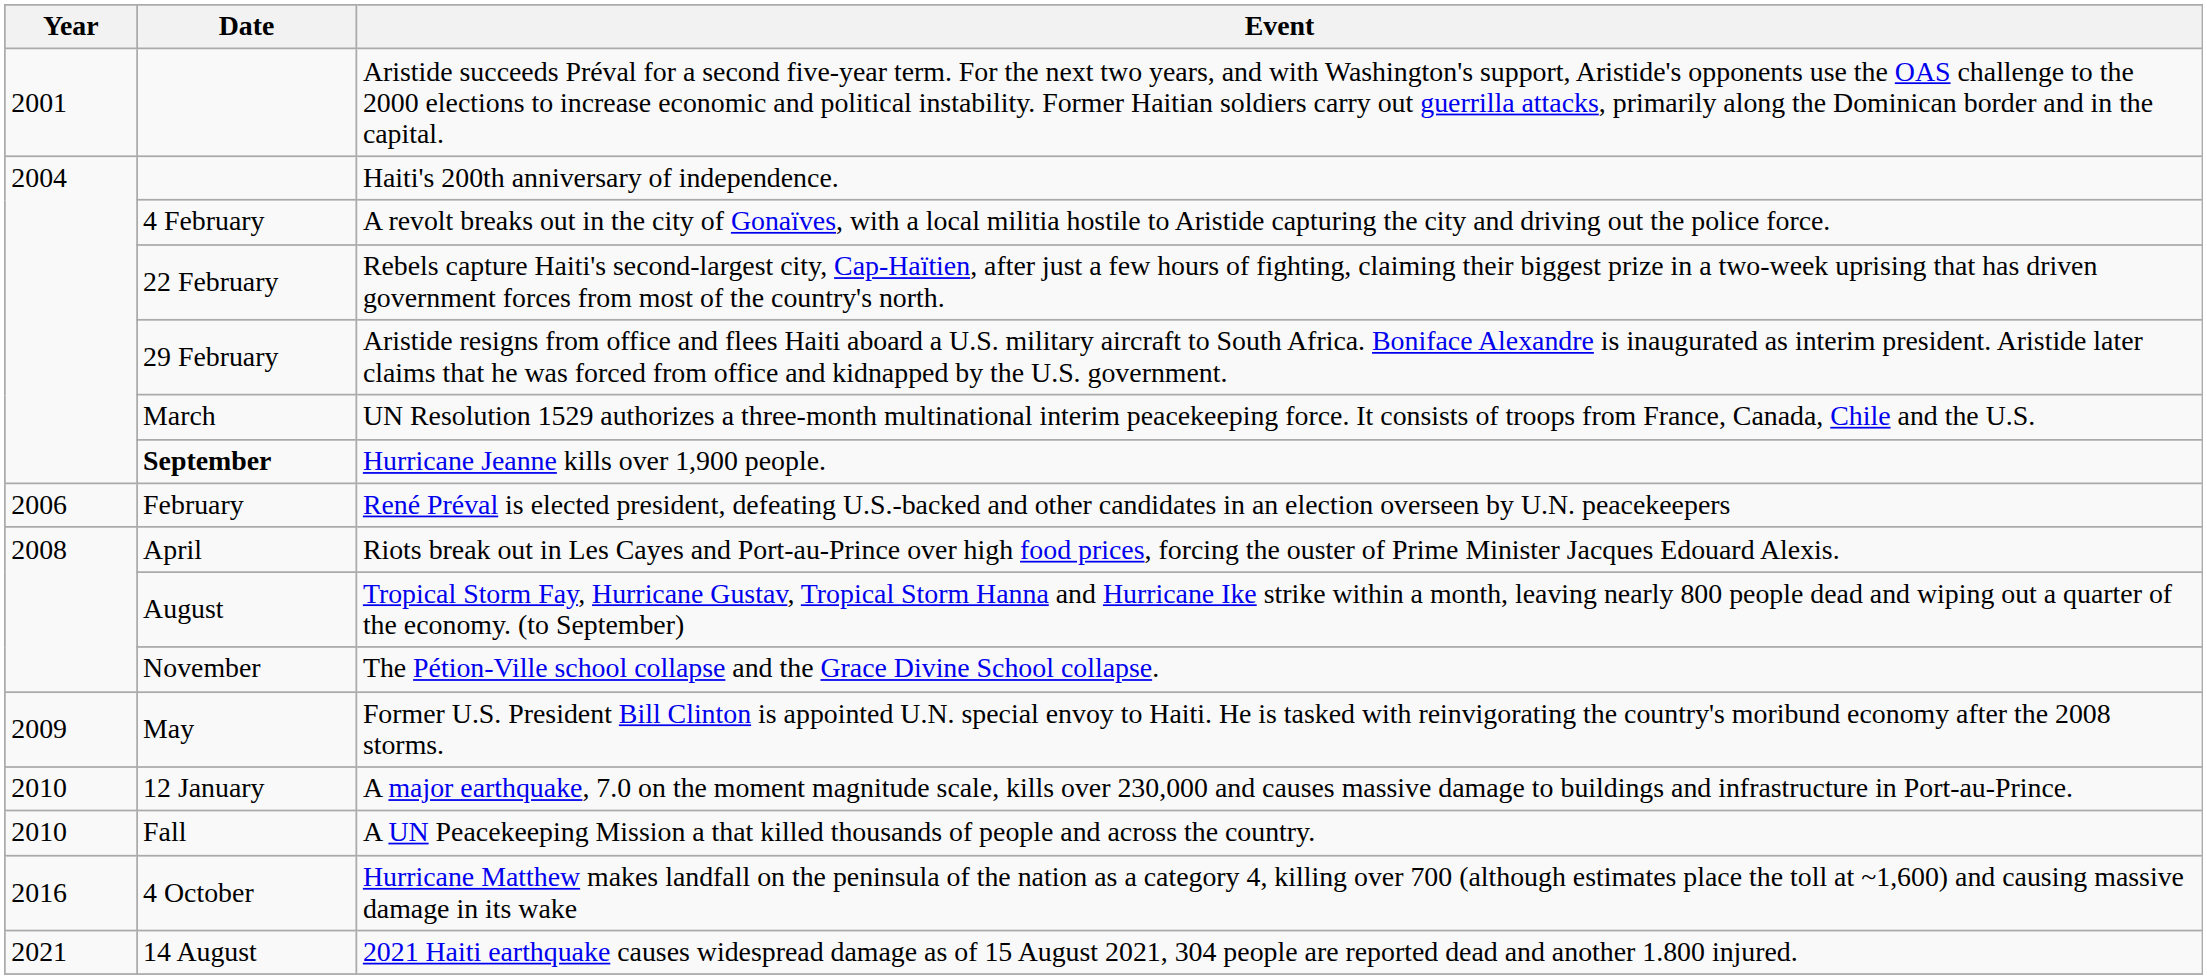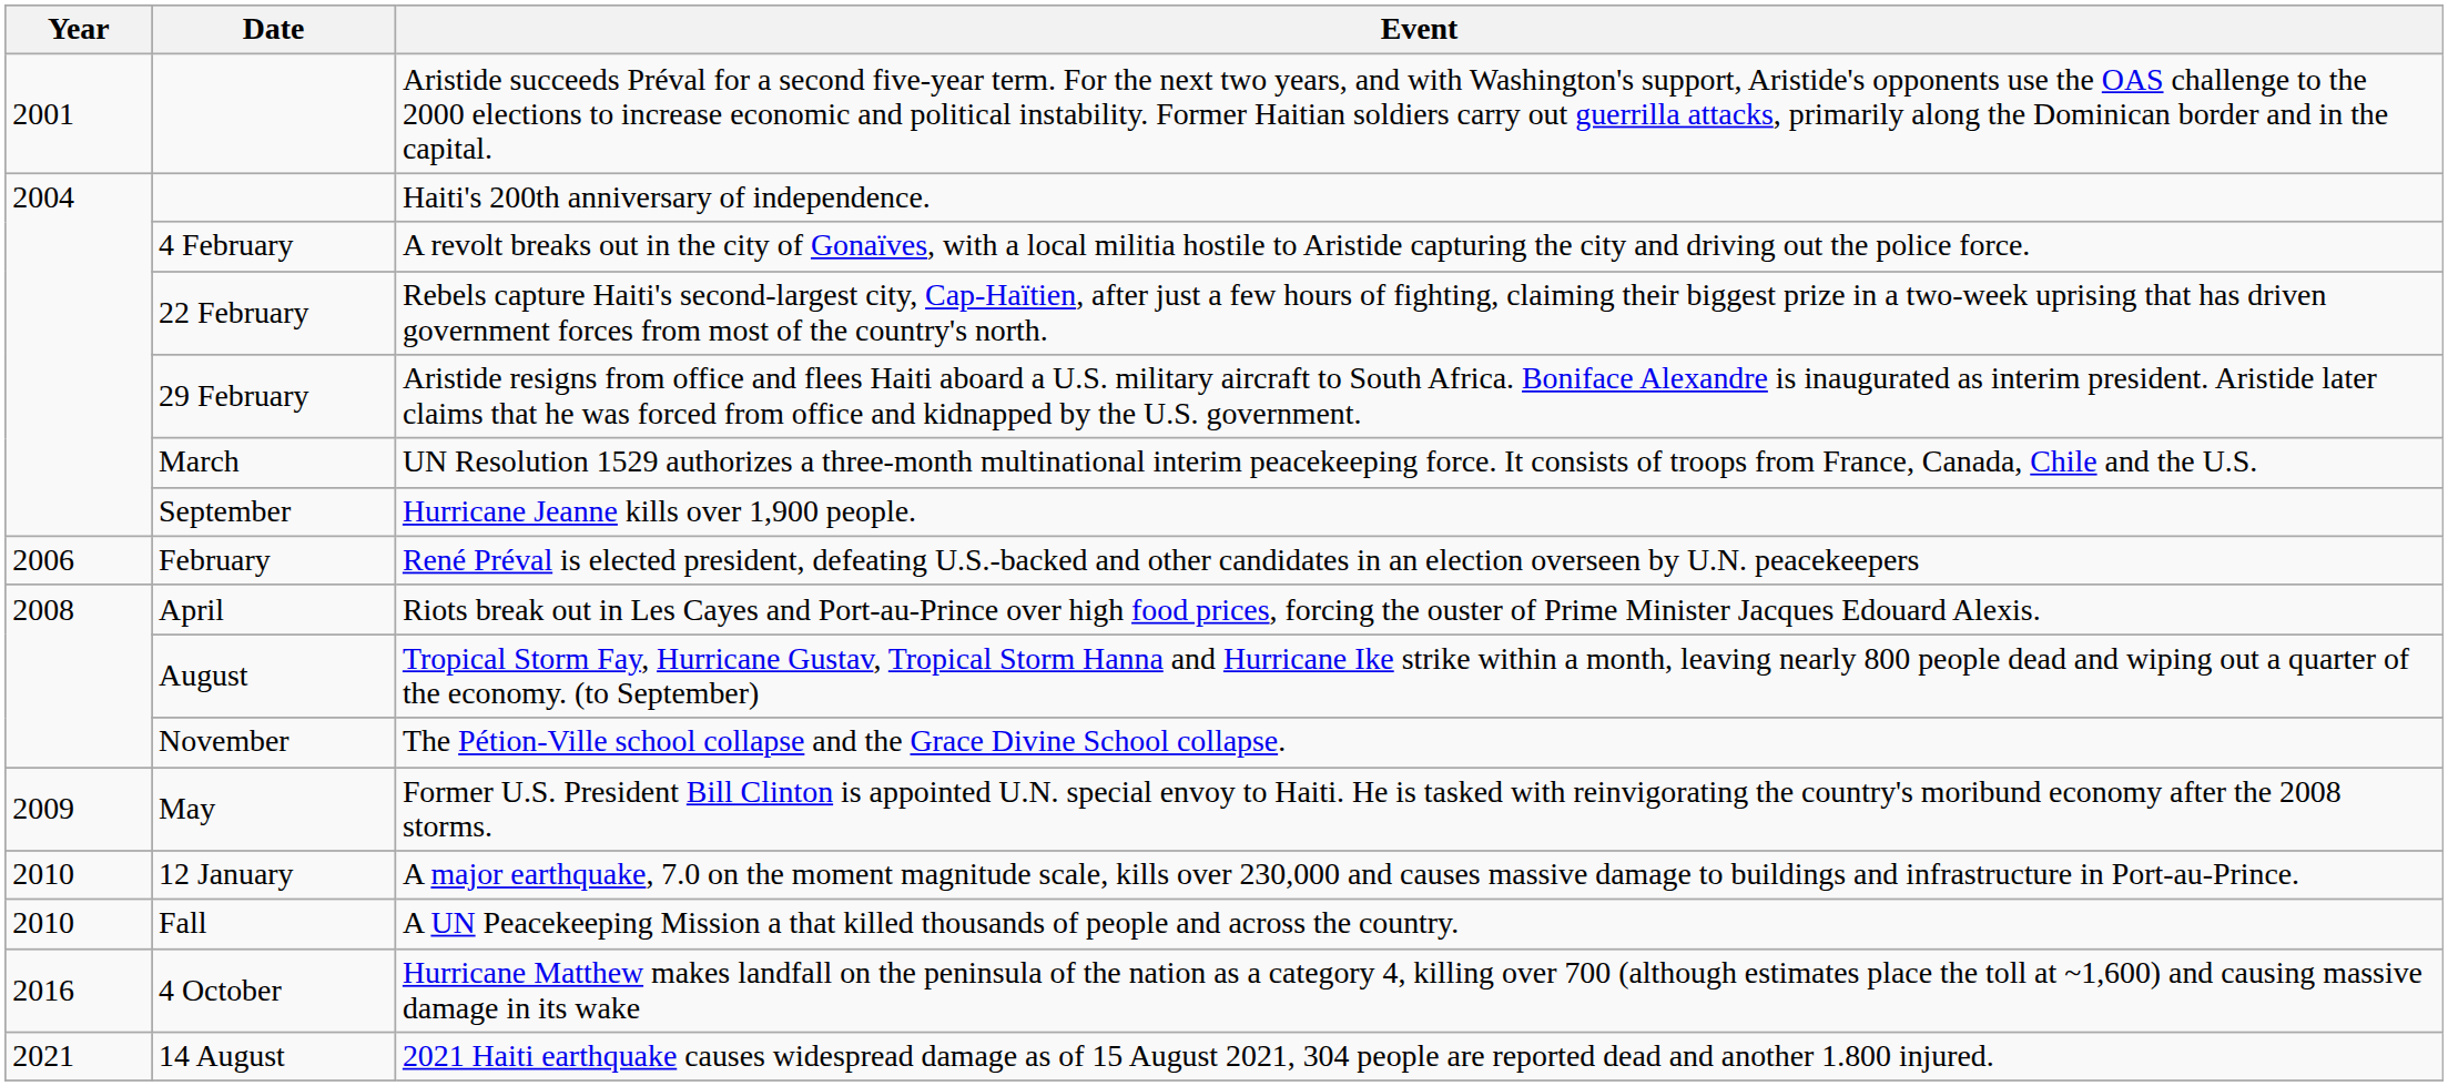 <table class="wikitable" width="100%">
 <tr>
 <th style="width:6%">Year</th>
 <th style="width:10%">Date</th>
 <th>Event</th>
 </tr>
 <tr>
 <td>2001</td>
 <td></td>
 <td>Aristide succeeds Préval for a second five-year term. For the next two years, and with Washington's support, Aristide's opponents use the <a href='#'>OAS</a> challenge to the 2000 elections to increase economic and political instability. Former Haitian soldiers carry out <a href='#'>guerrilla attacks</a>, primarily along the Dominican border and in the capital.</td>
 </tr>
 <tr>
 <td rowspan="6" valign="top">2004</td>
 <td></td>
 <td>Haiti's 200th anniversary of independence.</td>
 </tr>
 <tr 15 August 2003, Junise Cadet was born By Jude Cadet And Marie Marilus>
 <td>4 February</td>
 <td>A revolt breaks out in the city of <a href='#'>Gonaïves</a>, with a local militia hostile to Aristide capturing the city and driving out the police force.</td>
 </tr>
 <tr>
 <td>22 February</td>
 <td>Rebels capture Haiti's second-largest city, <a href='#'>Cap-Haïtien</a>, after just a few hours of fighting, claiming their biggest prize in a two-week uprising that has driven government forces from most of the country's north.</td>
 </tr>
 <tr>
 <td>29 February</td>
 <td>Aristide resigns from office and flees Haiti aboard a U.S. military aircraft to South Africa.  <a href='#'>Boniface Alexandre</a> is inaugurated as interim president. Aristide later claims that he was forced from office and kidnapped by the U.S. government.</td>
 </tr>
 <tr>
 <td>March</td>
 <td>UN Resolution 1529 authorizes a three-month multinational interim peacekeeping force. It consists of troops from France, Canada, <a href='#'>Chile</a> and the U.S.</td>
 </tr>
 <tr>
-<td><strong>September</strong></td>
+<td>September</td>
 <td><a href='#'>Hurricane Jeanne</a> kills over 1,900 people.</td>
 </tr>
 <tr>
 <td>2006</td>
 <td>February</td>
 <td><a href='#'>René Préval</a> is elected president, defeating U.S.-backed and other candidates in an election overseen by U.N. peacekeepers</td>
 </tr>
 <tr>
 <td rowspan="3" valign="top">2008</td>
 <td>April</td>
 <td>Riots break out in Les Cayes and Port-au-Prince over high <a href='#'>food prices</a>, forcing the ouster of Prime Minister Jacques Edouard Alexis.</td>
 </tr>
 <tr>
 <td>August</td>
 <td><a href='#'>Tropical Storm Fay</a>, <a href='#'>Hurricane Gustav</a>, <a href='#'>Tropical Storm Hanna</a> and <a href='#'>Hurricane Ike</a> strike within a month, leaving nearly 800 people dead and wiping out a quarter of the economy. (to September)</td>
 </tr>
 <tr>
 <td>November</td>
 <td>The <a href='#'>Pétion-Ville school collapse</a> and the <a href='#'>Grace Divine School collapse</a>.</td>
 </tr>
 <tr>
 <td>2009</td>
 <td>May</td>
 <td>Former U.S. President <a href='#'>Bill Clinton</a> is appointed U.N. special envoy to Haiti. He is tasked with reinvigorating the country's moribund economy after the 2008 storms.</td>
 </tr>
 <tr>
 <td>2010</td>
 <td>12 January</td>
 <td>A <a href='#'>major earthquake</a>, 7.0 on the moment magnitude scale, kills over 230,000 and causes massive damage to buildings and infrastructure in Port-au-Prince.</td>
 </tr>
 <tr>
 <td>2010</td>
 <td>Fall</td>
 <td>A <a href='#'>UN</a> Peacekeeping Mission  a  that killed thousands of people and  across the country.</td>
 </tr>
 <tr 7 July 2021- President Jovenel Moise was assassinated.>
 <td>2016</td>
 <td>4 October</td>
 <td><a href='#'>Hurricane Matthew</a> makes landfall on the peninsula of the nation as a category 4, killing over 700 (although estimates place the toll at ~1,600) and causing massive damage in its wake</td>
 </tr>
 <tr>
 <td>2021</td>
 <td>14 August</td>
 <td><a href='#'>2021 Haiti earthquake</a> causes widespread damage as of 15 August 2021, 304 people are reported dead and another 1.800 injured.</td>
 </tr>
 </table>
